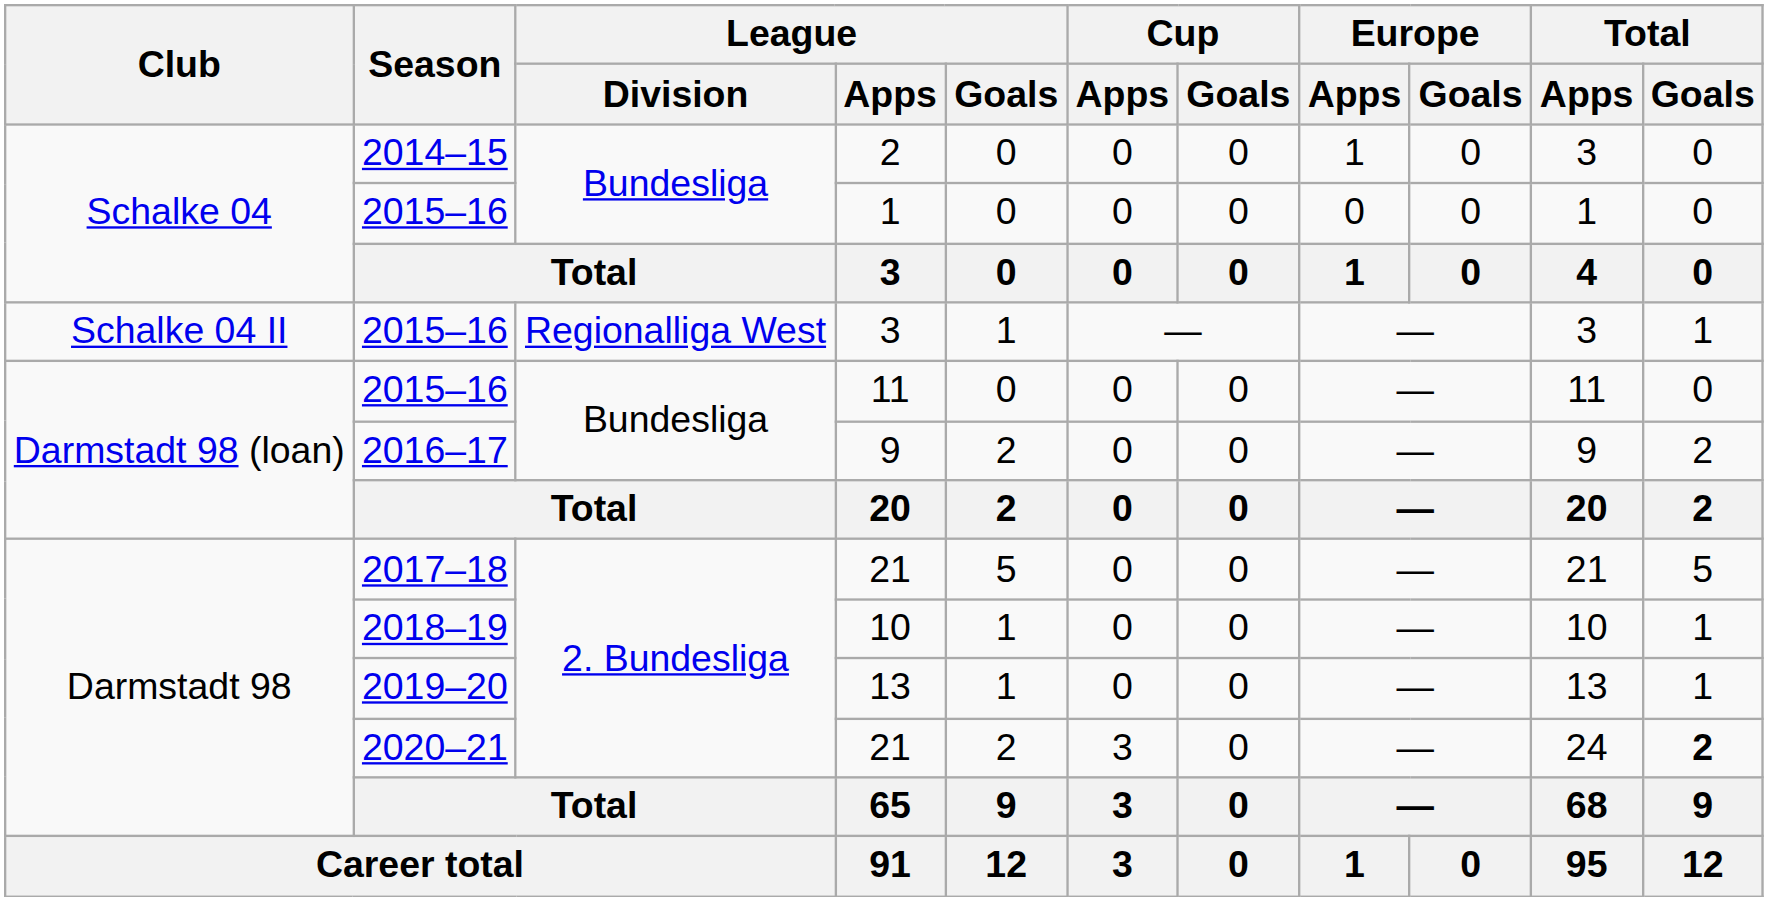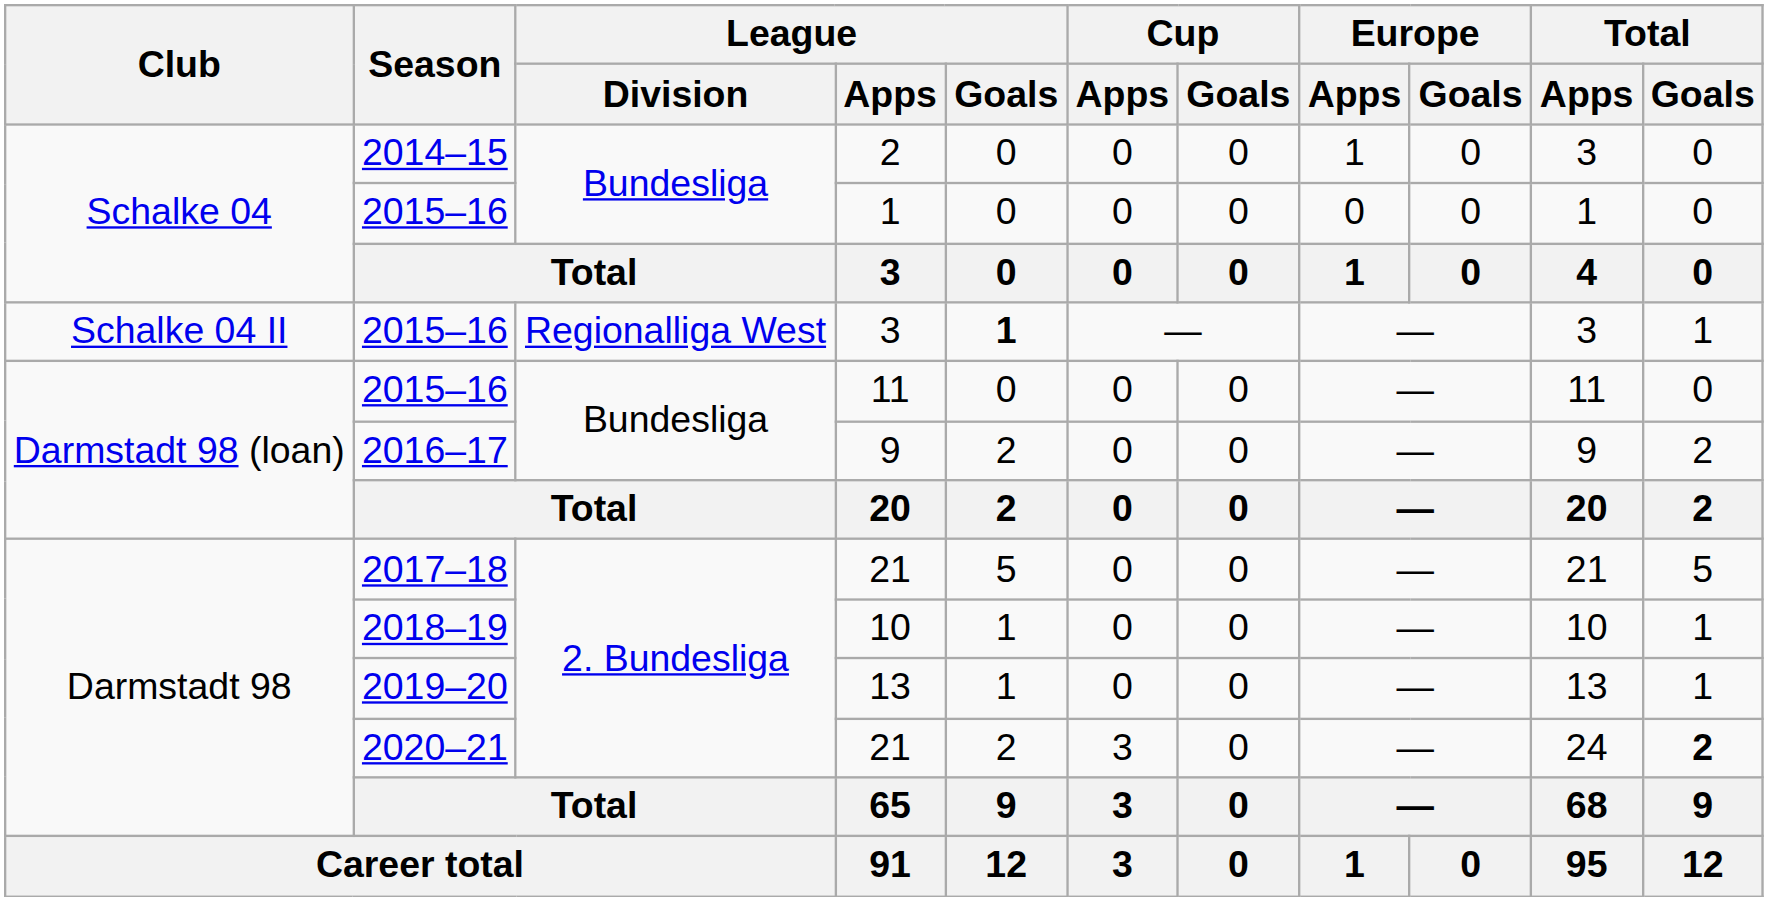 <table class="wikitable" style="text-align:center">
 <tr>
 <th rowspan="2">Club</th>
 <th rowspan="2">Season</th>
 <th colspan="3">League</th>
 <th colspan="2">Cup</th>
 <th colspan="2">Europe</th>
 <th colspan="2">Total</th>
 </tr>
 <tr>
 <th>Division</th>
 <th>Apps</th>
 <th>Goals</th>
 <th>Apps</th>
 <th>Goals</th>
 <th>Apps</th>
 <th>Goals</th>
 <th>Apps</th>
 <th>Goals</th>
 </tr>
 <tr>
 <td rowspan="3"><a href='#'>Schalke 04</a></td>
 <td><a href='#'>2014–15</a></td>
 <td rowspan="2"><a href='#'>Bundesliga</a></td>
 <td>2</td>
 <td>0</td>
 <td>0</td>
 <td>0</td>
 <td>1</td>
 <td>0</td>
 <td>3</td>
 <td>0</td>
 </tr>
 <tr>
 <td><a href='#'>2015–16</a></td>
 <td>1</td>
 <td>0</td>
 <td>0</td>
 <td>0</td>
 <td>0</td>
 <td>0</td>
 <td>1</td>
 <td>0</td>
 </tr>
 <tr>
 <th colspan="2">Total</th>
 <th>3</th>
 <th>0</th>
 <th>0</th>
 <th>0</th>
 <th>1</th>
 <th>0</th>
 <th>4</th>
 <th>0</th>
 </tr>
 <tr>
 <td><a href='#'>Schalke 04 II</a></td>
 <td><a href='#'>2015–16</a></td>
 <td><a href='#'>Regionalliga West</a></td>
 <td>3</td>
-<td>1</td>
+<td><strong>1</strong></td>
 <td colspan="2">—</td>
 <td colspan="2">—</td>
 <td>3</td>
 <td>1</td>
 </tr>
 <tr>
 <td rowspan="3"><a href='#'>Darmstadt 98</a> (loan)</td>
 <td><a href='#'>2015–16</a></td>
 <td rowspan="2">Bundesliga</td>
 <td>11</td>
 <td>0</td>
 <td>0</td>
 <td>0</td>
 <td colspan="2">—</td>
 <td>11</td>
 <td>0</td>
 </tr>
 <tr>
 <td><a href='#'>2016–17</a></td>
 <td>9</td>
 <td>2</td>
 <td>0</td>
 <td>0</td>
 <td colspan="2">—</td>
 <td>9</td>
 <td>2</td>
 </tr>
 <tr>
 <th colspan="2">Total</th>
 <th>20</th>
 <th>2</th>
 <th>0</th>
 <th>0</th>
 <th colspan="2">—</th>
 <th>20</th>
 <th>2</th>
 </tr>
 <tr>
 <td rowspan="5">Darmstadt 98</td>
 <td><a href='#'>2017–18</a></td>
 <td rowspan="4"><a href='#'>2. Bundesliga</a></td>
 <td>21</td>
 <td>5</td>
 <td>0</td>
 <td>0</td>
 <td colspan="2">—</td>
 <td>21</td>
 <td>5</td>
 </tr>
 <tr>
 <td><a href='#'>2018–19</a></td>
 <td>10</td>
 <td>1</td>
 <td>0</td>
 <td>0</td>
 <td colspan="2">—</td>
 <td>10</td>
 <td>1</td>
 </tr>
 <tr>
 <td><a href='#'>2019–20</a></td>
 <td>13</td>
 <td>1</td>
 <td>0</td>
 <td>0</td>
 <td colspan="2">—</td>
 <td>13</td>
 <td>1</td>
 </tr>
 <tr>
 <td><a href='#'>2020–21</a></td>
 <td>21</td>
 <td>2</td>
 <td>3</td>
 <td>0</td>
 <td colspan="2">—</td>
 <td>24</td>
 <td><strong>2</strong></td>
 </tr>
 <tr>
 <th colspan="2">Total</th>
 <th>65</th>
 <th>9</th>
 <th>3</th>
 <th>0</th>
 <th colspan="2">—</th>
 <th>68</th>
 <th>9</th>
 </tr>
 <tr>
 <th colspan="3">Career total</th>
 <th>91</th>
 <th>12</th>
 <th>3</th>
 <th>0</th>
 <th>1</th>
 <th>0</th>
 <th>95</th>
 <th>12</th>
 </tr>
 </table>
